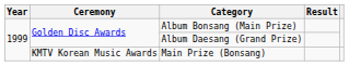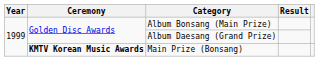 <table class="wikitable sortable">
 <tr>
 <th scope="col">Year</th>
 <th scope="col">Ceremony</th>
 <th scope="col">Category</th>
 <th scope="col">Result</th>
 <th scope="col" class="unsortable"></th>
 </tr>
 <tr>
 <td rowspan="3">1999</td>
 <td rowspan="2" scope="row"><a href='#'>Golden Disc Awards</a></td>
 <td>Album Bonsang (Main Prize)</td>
 <td></td>
 <td align="center" rowspan="2"></td>
 </tr>
 <tr>
 <td>Album Daesang (Grand Prize)</td>
 <td></td>
 </tr>
 <tr>
-<td>KMTV Korean Music Awards</td>
+<td><strong>KMTV Korean Music Awards</strong></td>
 <td>Main Prize (Bonsang)</td>
 <td></td>
 <td></td>
 </tr>
 </table>
